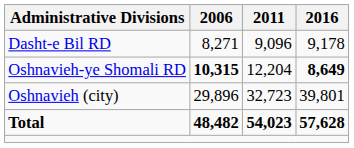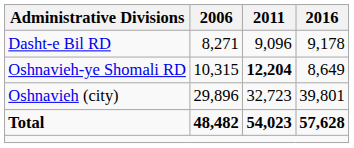 <table class="wikitable">
 <tr>
 <th>Administrative Divisions</th>
 <th>2006</th>
 <th>2011</th>
 <th>2016</th>
 </tr>
 <tr>
 <td><a href='#'>Dasht-e Bil RD</a></td>
 <td style="text-align: right;">8,271</td>
 <td style="text-align: right;">9,096</td>
 <td style="text-align: right;">9,178</td>
 </tr>
 <tr>
 <td><a href='#'>Oshnavieh-ye Shomali RD</a></td>
-<td style="text-align: right;"><strong>10,315</strong></td>
-<td style="text-align: right;">12,204</td>
-<td style="text-align: right;"><strong>8,649</strong></td>
+<td style="text-align: right;">10,315</td>
+<td style="text-align: right;"><strong>12,204</strong></td>
+<td style="text-align: right;">8,649</td>
 </tr>
 <tr>
 <td><a href='#'>Oshnavieh</a> (city)</td>
 <td style="text-align: right;">29,896</td>
 <td style="text-align: right;">32,723</td>
 <td style="text-align: right;">39,801</td>
 </tr>
 <tr>
 <td><strong>Total</strong></td>
 <td style="text-align: right;"><strong>48,482</strong></td>
 <td style="text-align: right;"><strong>54,023</strong></td>
 <td style="text-align: right;"><strong>57,628</strong></td>
 </tr>
 <tr>
 <td colspan=4></td>
 </tr>
 </table>
